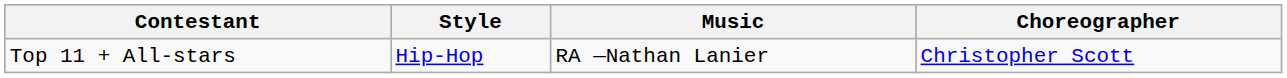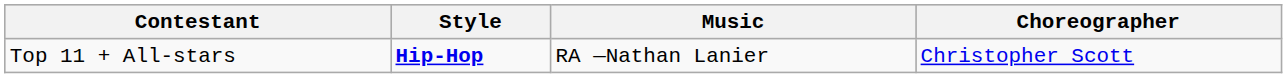 <table class="wikitable" style="width:40%;">
 <tr>
 <th>Contestant</th>
 <th>Style</th>
 <th>Music</th>
 <th>Choreographer</th>
 </tr>
 <tr>
 <td>Top 11 + All-stars</td>
-<td><a href='#'>Hip-Hop</a></td>
+<td><strong><a href='#'>Hip-Hop</a></strong></td>
 <td>RA  —Nathan Lanier</td>
 <td><a href='#'>Christopher Scott</a></td>
 </tr>
 </table>
